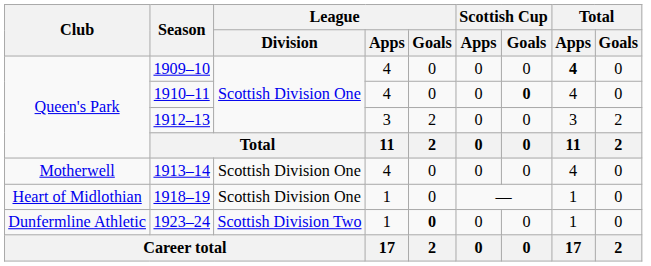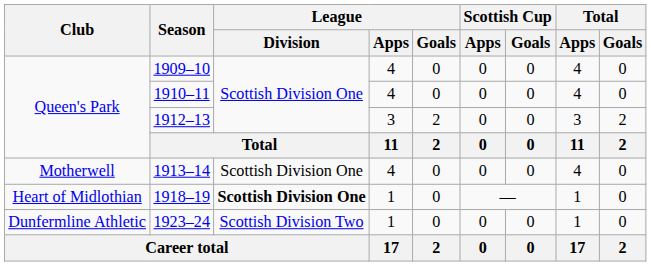 <table class="wikitable" style="text-align: center;">
 <tr>
 <th rowspan="2">Club</th>
 <th rowspan="2">Season</th>
 <th colspan="3">League</th>
 <th colspan="2">Scottish Cup</th>
 <th colspan="2">Total</th>
 </tr>
 <tr>
 <th>Division</th>
 <th>Apps</th>
 <th>Goals</th>
 <th>Apps</th>
 <th>Goals</th>
 <th>Apps</th>
 <th>Goals</th>
 </tr>
 <tr>
 <td rowspan="4"><a href='#'>Queen's Park</a></td>
 <td><a href='#'>1909–10</a></td>
 <td rowspan="3"><a href='#'>Scottish Division One</a></td>
 <td>4</td>
 <td>0</td>
 <td>0</td>
 <td>0</td>
-<td><strong>4</strong></td>
+<td>4</td>
 <td>0</td>
 </tr>
 <tr>
 <td><a href='#'>1910–11</a></td>
 <td>4</td>
 <td>0</td>
 <td>0</td>
-<td><strong>0</strong></td>
+<td>0</td>
 <td>4</td>
 <td>0</td>
 </tr>
 <tr>
 <td><a href='#'>1912–13</a></td>
 <td>3</td>
 <td>2</td>
 <td>0</td>
 <td>0</td>
 <td>3</td>
 <td>2</td>
 </tr>
 <tr>
 <th colspan="2">Total</th>
 <th>11</th>
 <th>2</th>
 <th>0</th>
 <th>0</th>
 <th>11</th>
 <th>2</th>
 </tr>
 <tr>
 <td><a href='#'>Motherwell</a></td>
 <td><a href='#'>1913–14</a></td>
 <td>Scottish Division One</td>
 <td>4</td>
 <td>0</td>
 <td>0</td>
 <td>0</td>
 <td>4</td>
 <td>0</td>
 </tr>
 <tr>
 <td><a href='#'>Heart of Midlothian</a></td>
 <td><a href='#'>1918–19</a></td>
-<td>Scottish Division One</td>
+<td><strong>Scottish Division One</strong></td>
 <td>1</td>
 <td>0</td>
 <td colspan="2">—</td>
 <td>1</td>
 <td>0</td>
 </tr>
 <tr>
 <td><a href='#'>Dunfermline Athletic</a></td>
 <td><a href='#'>1923–24</a></td>
 <td><a href='#'>Scottish Division Two</a></td>
 <td>1</td>
-<td><strong>0</strong></td>
+<td>0</td>
 <td>0</td>
 <td>0</td>
 <td>1</td>
 <td>0</td>
 </tr>
 <tr>
 <th colspan="3">Career total</th>
 <th>17</th>
 <th>2</th>
 <th>0</th>
 <th>0</th>
 <th>17</th>
 <th>2</th>
 </tr>
 </table>
